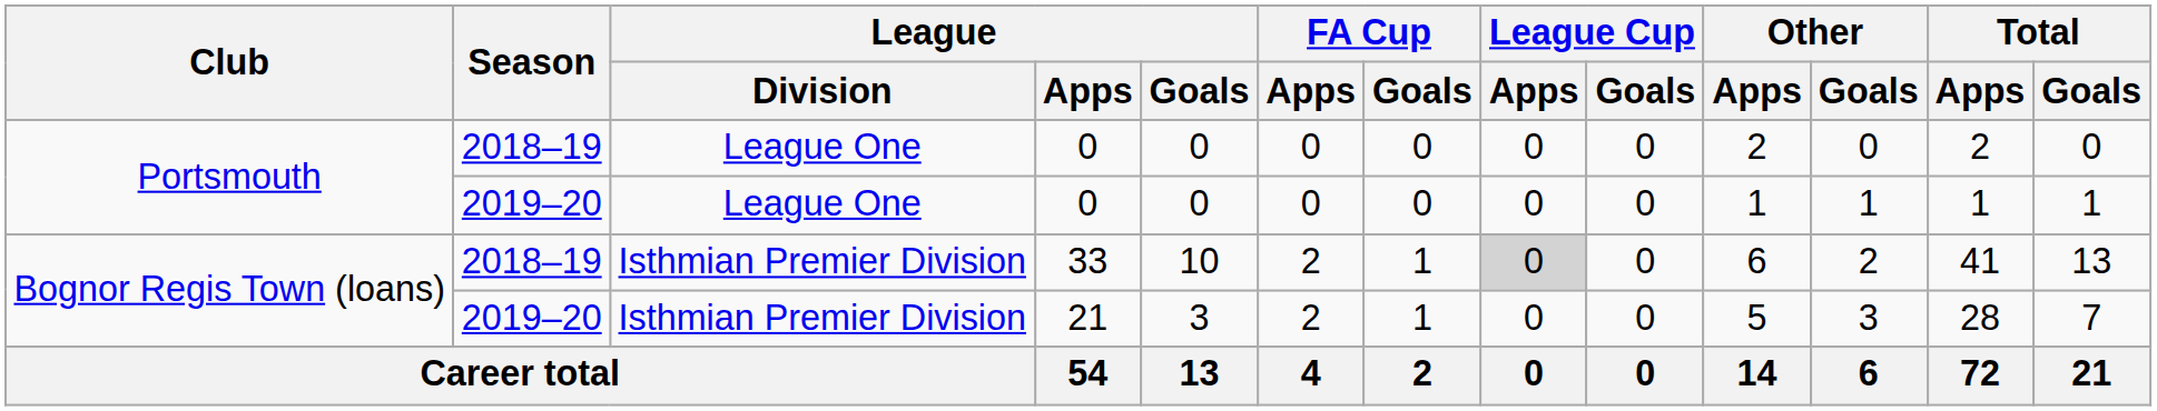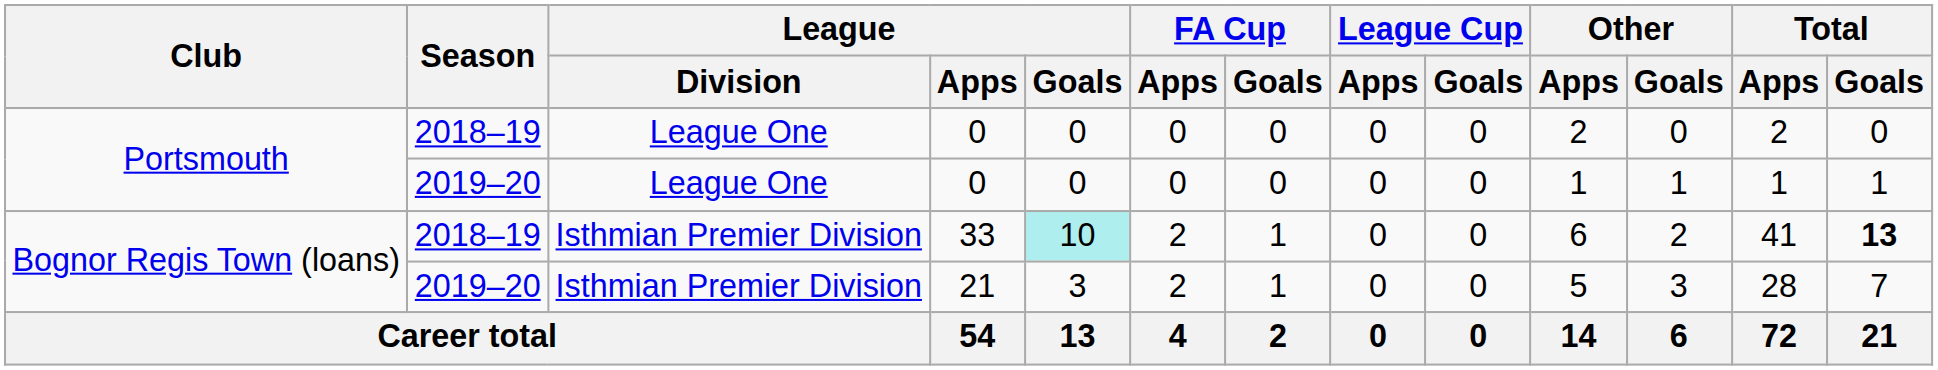 <table class="wikitable" style="text-align: center;">
 <tr>
 <th rowspan="2">Club</th>
 <th rowspan="2">Season</th>
 <th colspan="3">League</th>
 <th colspan="2"><a href='#'>FA Cup</a></th>
 <th colspan="2"><a href='#'>League Cup</a></th>
 <th colspan="2">Other</th>
 <th colspan="2">Total</th>
 </tr>
 <tr>
 <th>Division</th>
 <th>Apps</th>
 <th>Goals</th>
 <th>Apps</th>
 <th>Goals</th>
 <th>Apps</th>
 <th>Goals</th>
 <th>Apps</th>
 <th>Goals</th>
 <th>Apps</th>
 <th>Goals</th>
 </tr>
 <tr>
 <td rowspan="2" valign="center"><a href='#'>Portsmouth</a></td>
 <td><a href='#'>2018–19</a></td>
 <td><a href='#'>League One</a></td>
 <td>0</td>
 <td>0</td>
 <td>0</td>
 <td>0</td>
 <td>0</td>
 <td>0</td>
 <td>2</td>
 <td>0</td>
 <td>2</td>
 <td>0</td>
 </tr>
 <tr>
 <td><a href='#'>2019–20</a></td>
 <td><a href='#'>League One</a></td>
 <td>0</td>
 <td>0</td>
 <td>0</td>
 <td>0</td>
 <td>0</td>
 <td>0</td>
 <td>1</td>
 <td>1</td>
 <td>1</td>
 <td>1</td>
 </tr>
 <tr>
 <td rowspan="2" valign="center"><a href='#'>Bognor Regis Town</a> (loans)</td>
 <td><a href='#'>2018–19</a></td>
 <td><a href='#'>Isthmian Premier Division</a></td>
 <td>33</td>
-<td>10</td>
+<td style="background: paleturquoise;">10</td>
 <td>2</td>
 <td>1</td>
-<td style="background: lightgrey;">0</td>
+<td>0</td>
 <td>0</td>
 <td>6</td>
 <td>2</td>
 <td>41</td>
-<td>13</td>
+<td><strong>13</strong></td>
 </tr>
 <tr>
 <td><a href='#'>2019–20</a></td>
 <td><a href='#'>Isthmian Premier Division</a></td>
 <td>21</td>
 <td>3</td>
 <td>2</td>
 <td>1</td>
 <td>0</td>
 <td>0</td>
 <td>5</td>
 <td>3</td>
 <td>28</td>
 <td>7</td>
 </tr>
 <tr>
 <th colspan="3">Career total</th>
 <th>54</th>
 <th>13</th>
 <th>4</th>
 <th>2</th>
 <th>0</th>
 <th>0</th>
 <th>14</th>
 <th>6</th>
 <th>72</th>
 <th>21</th>
 </tr>
 </table>
